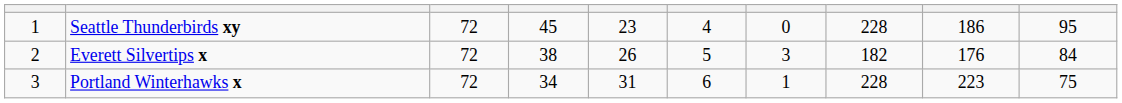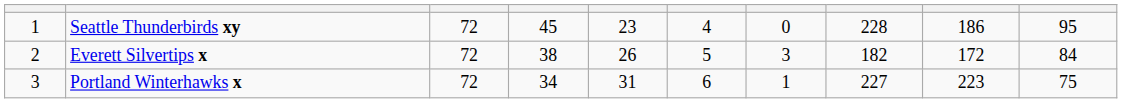 <table class="wikitable sortable">
 <tr>
 <th style="width:3em"></th>
 <th style="width:20em;" class="unsortable"></th>
 <th style="width:4em;" class="unsortable"></th>
 <th style="width:4em;"></th>
 <th style="width:4em;"></th>
 <th style="width:4em;"></th>
 <th style="width:4em;"></th>
 <th style="width:5em;"></th>
 <th style="width:5em;"></th>
 <th style="width:5em;"></th>
 </tr>
 <tr style="font-weight: ; text-align: center;">
 <td>1</td>
 <td style="text-align:left;"><a href='#'>Seattle Thunderbirds</a> <strong>xy</strong></td>
 <td>72</td>
 <td>45</td>
 <td>23</td>
 <td>4</td>
 <td>0</td>
 <td>228</td>
 <td>186</td>
 <td>95</td>
 </tr>
 <tr style="font-weight: ; text-align: center;">
 <td>2</td>
 <td style="text-align:left;"><a href='#'>Everett Silvertips</a> <strong>x</strong></td>
 <td>72</td>
 <td>38</td>
 <td>26</td>
 <td>5</td>
 <td>3</td>
 <td>182</td>
-<td>176</td>
+<td>172</td>
 <td>84</td>
 </tr>
 <tr style="font-weight: ; text-align: center;">
 <td>3</td>
 <td style="text-align:left;"><a href='#'>Portland Winterhawks</a> <strong>x</strong></td>
 <td>72</td>
 <td>34</td>
 <td>31</td>
 <td>6</td>
 <td>1</td>
-<td>228</td>
+<td>227</td>
 <td>223</td>
 <td>75</td>
 </tr>
 </table>
